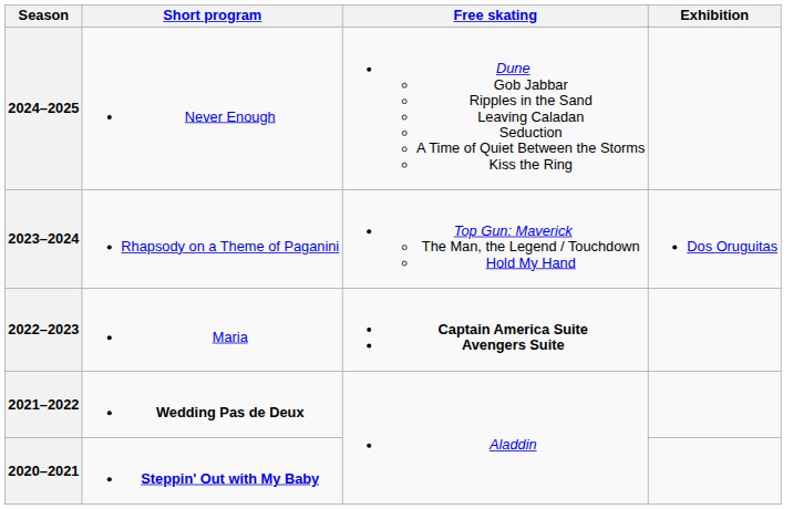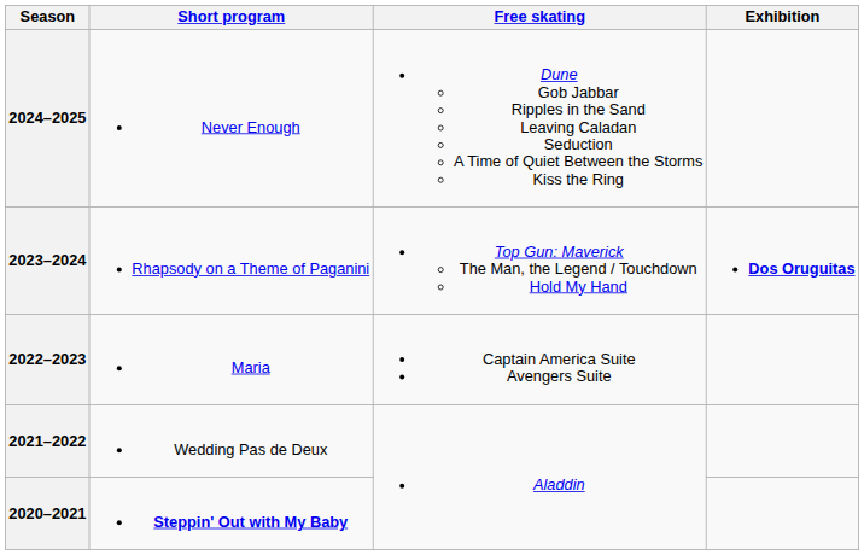 <table class=wikitable style=text-align:center>
 <tr>
 <th>Season</th>
 <th><a href='#'>Short program</a></th>
 <th><a href='#'>Free skating</a></th>
 <th>Exhibition</th>
 </tr>
 <tr>
 <th>2024–2025 <br> </th>
 <td><br><ul><li><a href='#'>Never Enough</a> <br> </li></ul></td>
 <td><br><ul><li><em><a href='#'>Dune</a></em><ul><li>Gob Jabbar</li><li>Ripples in the Sand</li><li>Leaving Caladan</li><li>Seduction</li><li>A Time of Quiet Between the Storms</li><li>Kiss the Ring <br> </li></ul></li></ul></td>
 <td></td>
 </tr>
 <tr>
 <th>2023–2024 <br></th>
 <td><br><ul><li><a href='#'>Rhapsody on a Theme of Paganini</a> <br> </li></ul></td>
 <td><br><ul><li><em><a href='#'>Top Gun: Maverick</a></em><ul><li>The Man, the Legend / Touchdown <br></li><li><a href='#'>Hold My Hand</a> <br></li></ul></li></ul></td>
-<td><br><ul><li><a href='#'>Dos Oruguitas</a> <br></li></ul></td>
+<td><strong><br><ul><li><a href='#'>Dos Oruguitas</a> <br></li></ul></strong></td>
 </tr>
 <tr>
 <th>2022–2023 <br></th>
 <td><br><ul><li><a href='#'>Maria</a> <br> </li></ul></td>
-<td><strong><br><ul><li>Captain America Suite <br> </li><li>Avengers Suite <br> </li></ul></strong></td>
+<td><br><ul><li>Captain America Suite <br> </li><li>Avengers Suite <br> </li></ul></td>
 <td></td>
 </tr>
 <tr>
 <th>2021–2022 <br></th>
-<td><strong><br><ul><li>Wedding Pas de Deux <br> </li></ul></strong></td>
+<td><br><ul><li>Wedding Pas de Deux <br> </li></ul></td>
 <td rowspan=2><br><ul><li><em><a href='#'>Aladdin</a></em><br></li></ul></td>
 <td></td>
 </tr>
 <tr>
 <th>2020–2021 <br></th>
 <td><strong><br><ul><li><a href='#'>Steppin' Out with My Baby</a> <br> </li></ul></strong></td>
 <td></td>
 </tr>
 </table>
